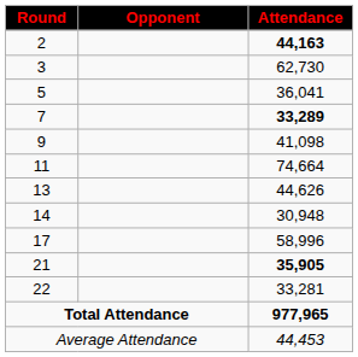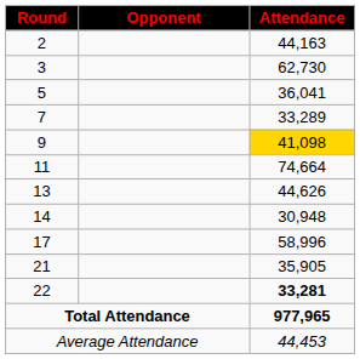 <table class="wikitable sortable" style="text-align:center; font-size:90%">
 <tr>
 <th style="width:60px; background:#000; color:red; text-align:center;">Round</th>
 <th style="width:150px; background:#000; color:red; text-align:center;" class="unsortable">Opponent</th>
 <th style="width:90px; background:#000; color:red; text-align:center;">Attendance</th>
 </tr>
 <tr>
 <td>2</td>
 <td></td>
-<td><strong>44,163</strong></td>
+<td>44,163</td>
 </tr>
 <tr>
 <td>3</td>
 <td></td>
 <td>62,730</td>
 </tr>
 <tr>
 <td>5</td>
 <td></td>
 <td>36,041</td>
 </tr>
 <tr>
 <td>7</td>
 <td></td>
-<td><strong>33,289</strong></td>
+<td>33,289</td>
 </tr>
 <tr>
 <td>9</td>
 <td></td>
-<td>41,098</td>
+<td style="background: gold;">41,098</td>
 </tr>
 <tr>
 <td>11</td>
 <td></td>
 <td>74,664</td>
 </tr>
 <tr>
 <td>13</td>
 <td></td>
 <td>44,626</td>
 </tr>
 <tr>
 <td>14</td>
 <td></td>
 <td>30,948</td>
 </tr>
 <tr>
 <td>17</td>
 <td></td>
 <td>58,996</td>
 </tr>
 <tr>
 <td>21</td>
 <td></td>
-<td><strong>35,905</strong></td>
+<td>35,905</td>
 </tr>
 <tr>
 <td>22</td>
 <td></td>
-<td>33,281</td>
+<td><strong>33,281</strong></td>
 </tr>
 <tr class="sortbottom">
 <td colspan="2"><strong>Total Attendance</strong></td>
 <td><strong>977,965</strong></td>
 </tr>
 <tr class="sortbottom">
 <td colspan="2"><em>Average Attendance</em></td>
 <td><em>44,453</em></td>
 </tr>
 </table>
